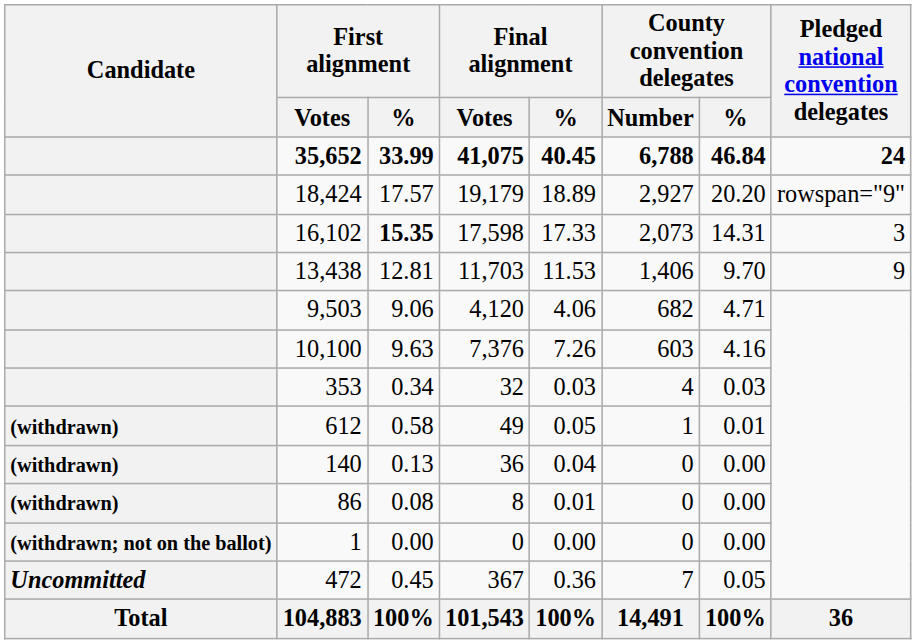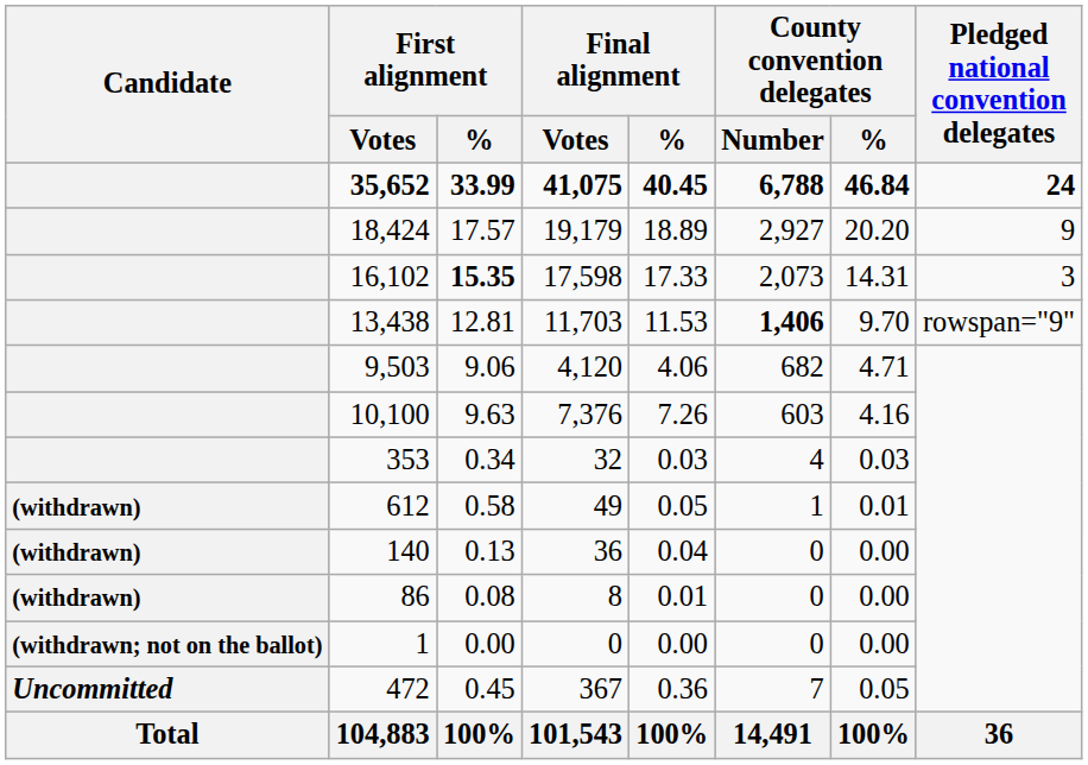 <table class="wikitable sortable plainrowheaders" style="text-align:right;">
 <tr>
 <th rowspan=2>Candidate</th>
 <th colspan=2 style="text-align:center;">First<br>alignment</th>
 <th colspan=2 style="text-align:center;">Final<br>alignment</th>
 <th colspan=2 style="text-align:center;">County<br>convention<br>delegates</th>
 <th rowspan=2 style="text-align:center;">Pledged<br><a href='#'>national<br>convention</a><br>delegates</th>
 </tr>
 <tr>
 <th>Votes</th>
 <th>%</th>
 <th>Votes</th>
 <th>%</th>
 <th>Number</th>
 <th>%</th>
 </tr>
 <tr>
 <th scope="row" style="text-align:left;"><strong></strong></th>
 <td><strong>35,652</strong></td>
 <td><strong>33.99</strong></td>
 <td><strong>41,075</strong></td>
 <td><strong>40.45</strong></td>
 <td><strong>6,788</strong></td>
 <td><strong>46.84</strong></td>
 <td><strong>24</strong></td>
 </tr>
 <tr>
 <th scope="row" style="text-align:left;"></th>
 <td>18,424</td>
 <td>17.57</td>
 <td>19,179</td>
 <td>18.89</td>
 <td>2,927</td>
 <td>20.20</td>
-<td>rowspan="9" </td>
+<td>9</td>
 </tr>
 <tr>
 <th scope="row" style="text-align:left;"></th>
 <td>16,102</td>
 <td><strong>15.35</strong></td>
 <td>17,598</td>
 <td>17.33</td>
 <td>2,073</td>
 <td>14.31</td>
 <td>3</td>
 </tr>
 <tr>
 <th scope="row" style="text-align:left;"></th>
 <td>13,438</td>
 <td>12.81</td>
 <td>11,703</td>
 <td>11.53</td>
-<td>1,406</td>
+<td><strong>1,406</strong></td>
 <td>9.70</td>
-<td>9</td>
+<td>rowspan="9" </td>
 </tr>
 <tr>
 <th scope="row" style="text-align:left;"></th>
 <td>9,503</td>
 <td>9.06</td>
 <td>4,120</td>
 <td>4.06</td>
 <td>682</td>
 <td>4.71</td>
 </tr>
 <tr>
 <th scope="row" style="text-align:left;"></th>
 <td>10,100</td>
 <td>9.63</td>
 <td>7,376</td>
 <td>7.26</td>
 <td>603</td>
 <td>4.16</td>
 </tr>
 <tr>
 <th scope="row" style="text-align:left;"></th>
 <td>353</td>
 <td>0.34</td>
 <td>32</td>
 <td>0.03</td>
 <td>4</td>
 <td>0.03</td>
 </tr>
 <tr>
 <th scope="row" style="text-align:left;"> <small>(withdrawn)</small></th>
 <td>612</td>
 <td>0.58</td>
 <td>49</td>
 <td>0.05</td>
 <td>1</td>
 <td>0.01</td>
 </tr>
 <tr>
 <th scope="row" style="text-align:left;"> <small>(withdrawn)</small></th>
 <td>140</td>
 <td>0.13</td>
 <td>36</td>
 <td>0.04</td>
 <td>0</td>
 <td>0.00</td>
 </tr>
 <tr>
 <th scope="row" style="text-align:left;"> <small>(withdrawn)</small></th>
 <td>86</td>
 <td>0.08</td>
 <td>8</td>
 <td>0.01</td>
 <td>0</td>
 <td>0.00</td>
 </tr>
 <tr>
 <th scope="row" style="text-align:left;"> <small>(withdrawn; not on the ballot)</small></th>
 <td>1</td>
 <td>0.00</td>
 <td>0</td>
 <td>0.00</td>
 <td>0</td>
 <td>0.00</td>
 </tr>
 <tr>
 <th scope="row" style="text-align:left;" data-sort-value="ZZ"><em>Uncommitted</em></th>
 <td>472</td>
 <td>0.45</td>
 <td>367</td>
 <td>0.36</td>
 <td>7</td>
 <td>0.05</td>
 </tr>
 <tr class="sortbottom">
 <th>Total</th>
 <th>104,883</th>
 <th>100%</th>
 <th>101,543</th>
 <th>100%</th>
 <th>14,491</th>
 <th>100%</th>
 <th>36</th>
 </tr>
 </table>
